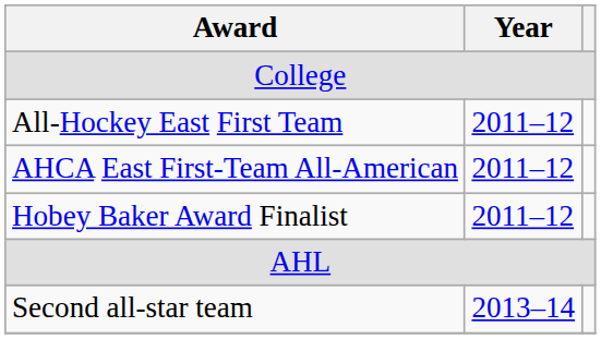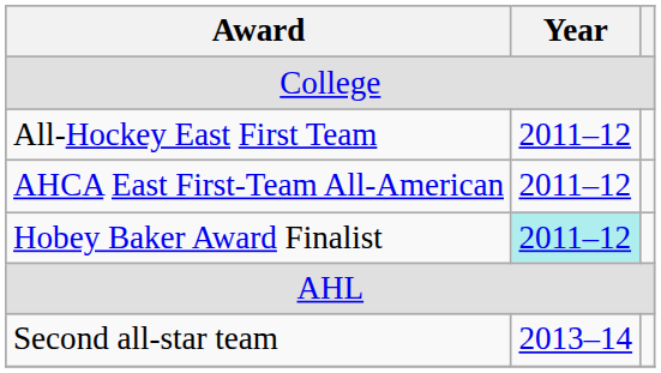 <table class="wikitable">
 <tr>
 <th>Award</th>
 <th>Year</th>
 <th></th>
 </tr>
 <tr ALIGN="center" bgcolor="#e0e0e0">
 <td colspan="3"><a href='#'>College</a></td>
 </tr>
 <tr>
 <td>All-<a href='#'>Hockey East</a> <a href='#'>First Team</a></td>
 <td><a href='#'>2011–12</a></td>
 <td></td>
 </tr>
 <tr>
 <td><a href='#'>AHCA</a> <a href='#'>East First-Team All-American</a></td>
 <td><a href='#'>2011–12</a></td>
 <td></td>
 </tr>
 <tr>
 <td><a href='#'>Hobey Baker Award</a> Finalist</td>
-<td><a href='#'>2011–12</a></td>
+<td style="background: paleturquoise;"><a href='#'>2011–12</a></td>
 <td></td>
 </tr>
 <tr ALIGN="center" bgcolor="#e0e0e0">
 <td colspan="3"><a href='#'>AHL</a></td>
 </tr>
 <tr>
 <td>Second all-star team</td>
 <td><a href='#'>2013–14</a></td>
 <td></td>
 </tr>
 <tr>
 </tr>
 </table>
